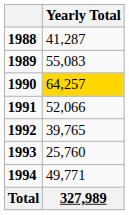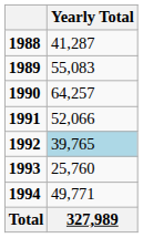 <table class="wikitable">
 <tr>
 <th></th>
 <th>Yearly Total</th>
 </tr>
 <tr>
 <td><strong>1988</strong></td>
 <td>41,287</td>
 </tr>
 <tr>
 <td><strong>1989</strong></td>
 <td>55,083</td>
 </tr>
 <tr>
 <td><strong>1990</strong></td>
-<td style="background: gold;">64,257</td>
+<td>64,257</td>
 </tr>
 <tr>
 <td><strong>1991</strong></td>
 <td>52,066</td>
 </tr>
 <tr>
 <td><strong>1992</strong></td>
-<td>39,765</td>
+<td style="background: lightblue;">39,765</td>
 </tr>
 <tr>
 <td><strong>1993</strong></td>
 <td>25,760</td>
 </tr>
 <tr>
 <td><strong>1994</strong></td>
 <td>49,771</td>
 </tr>
 <tr>
 <th>Total</th>
 <th><u>327,989</u></th>
 </tr>
 </table>
